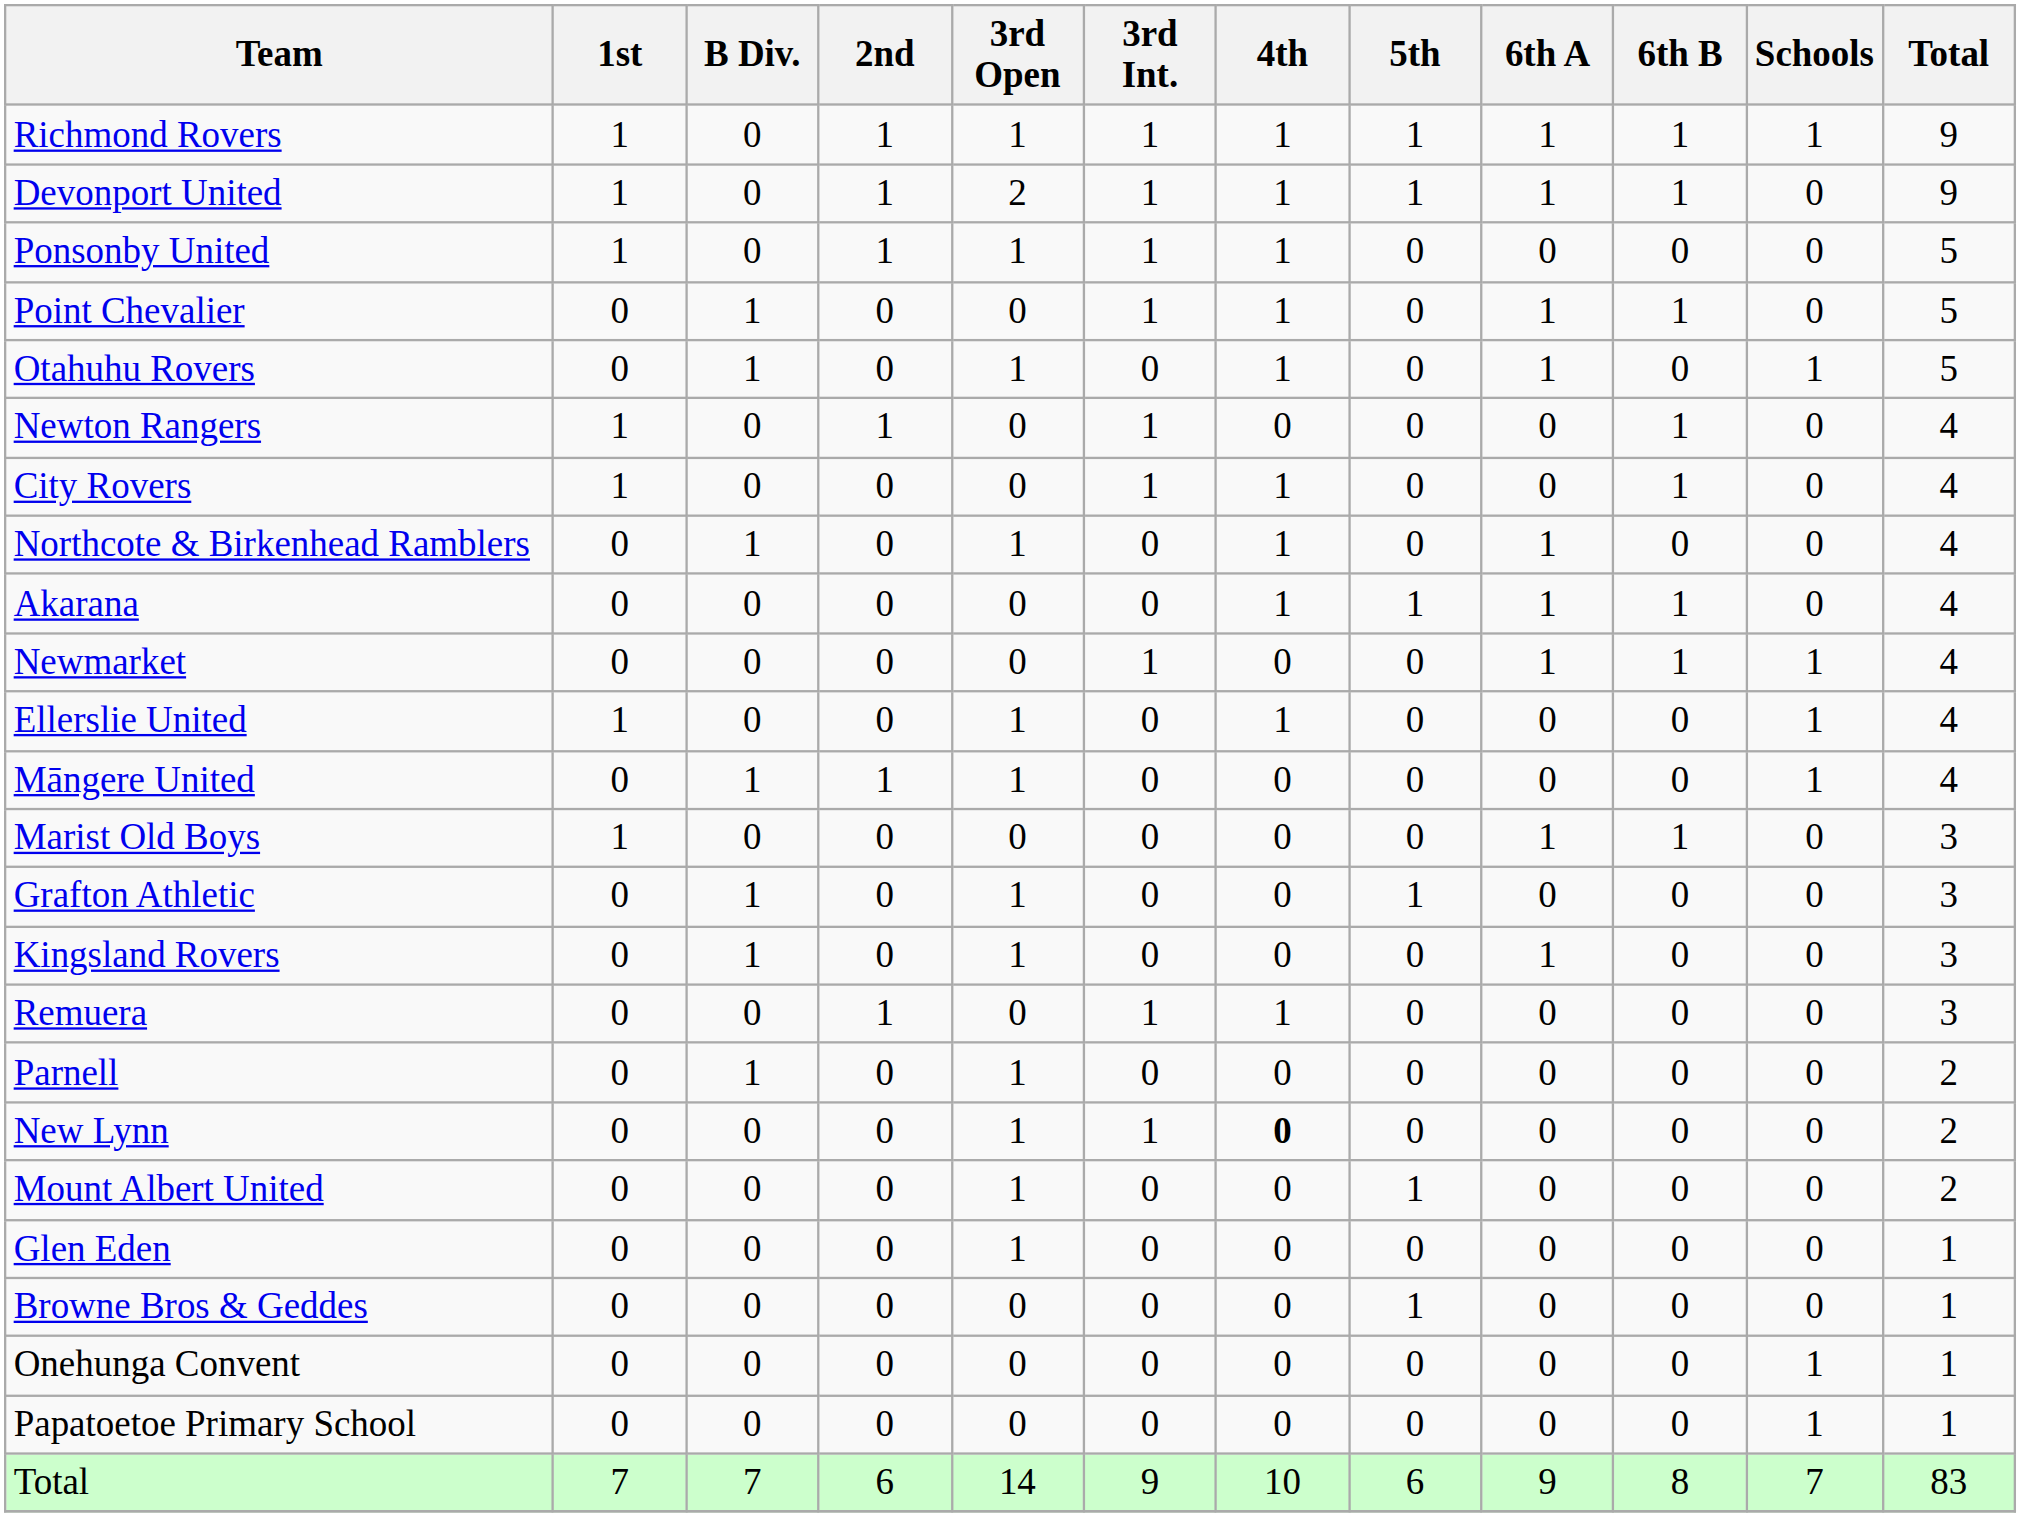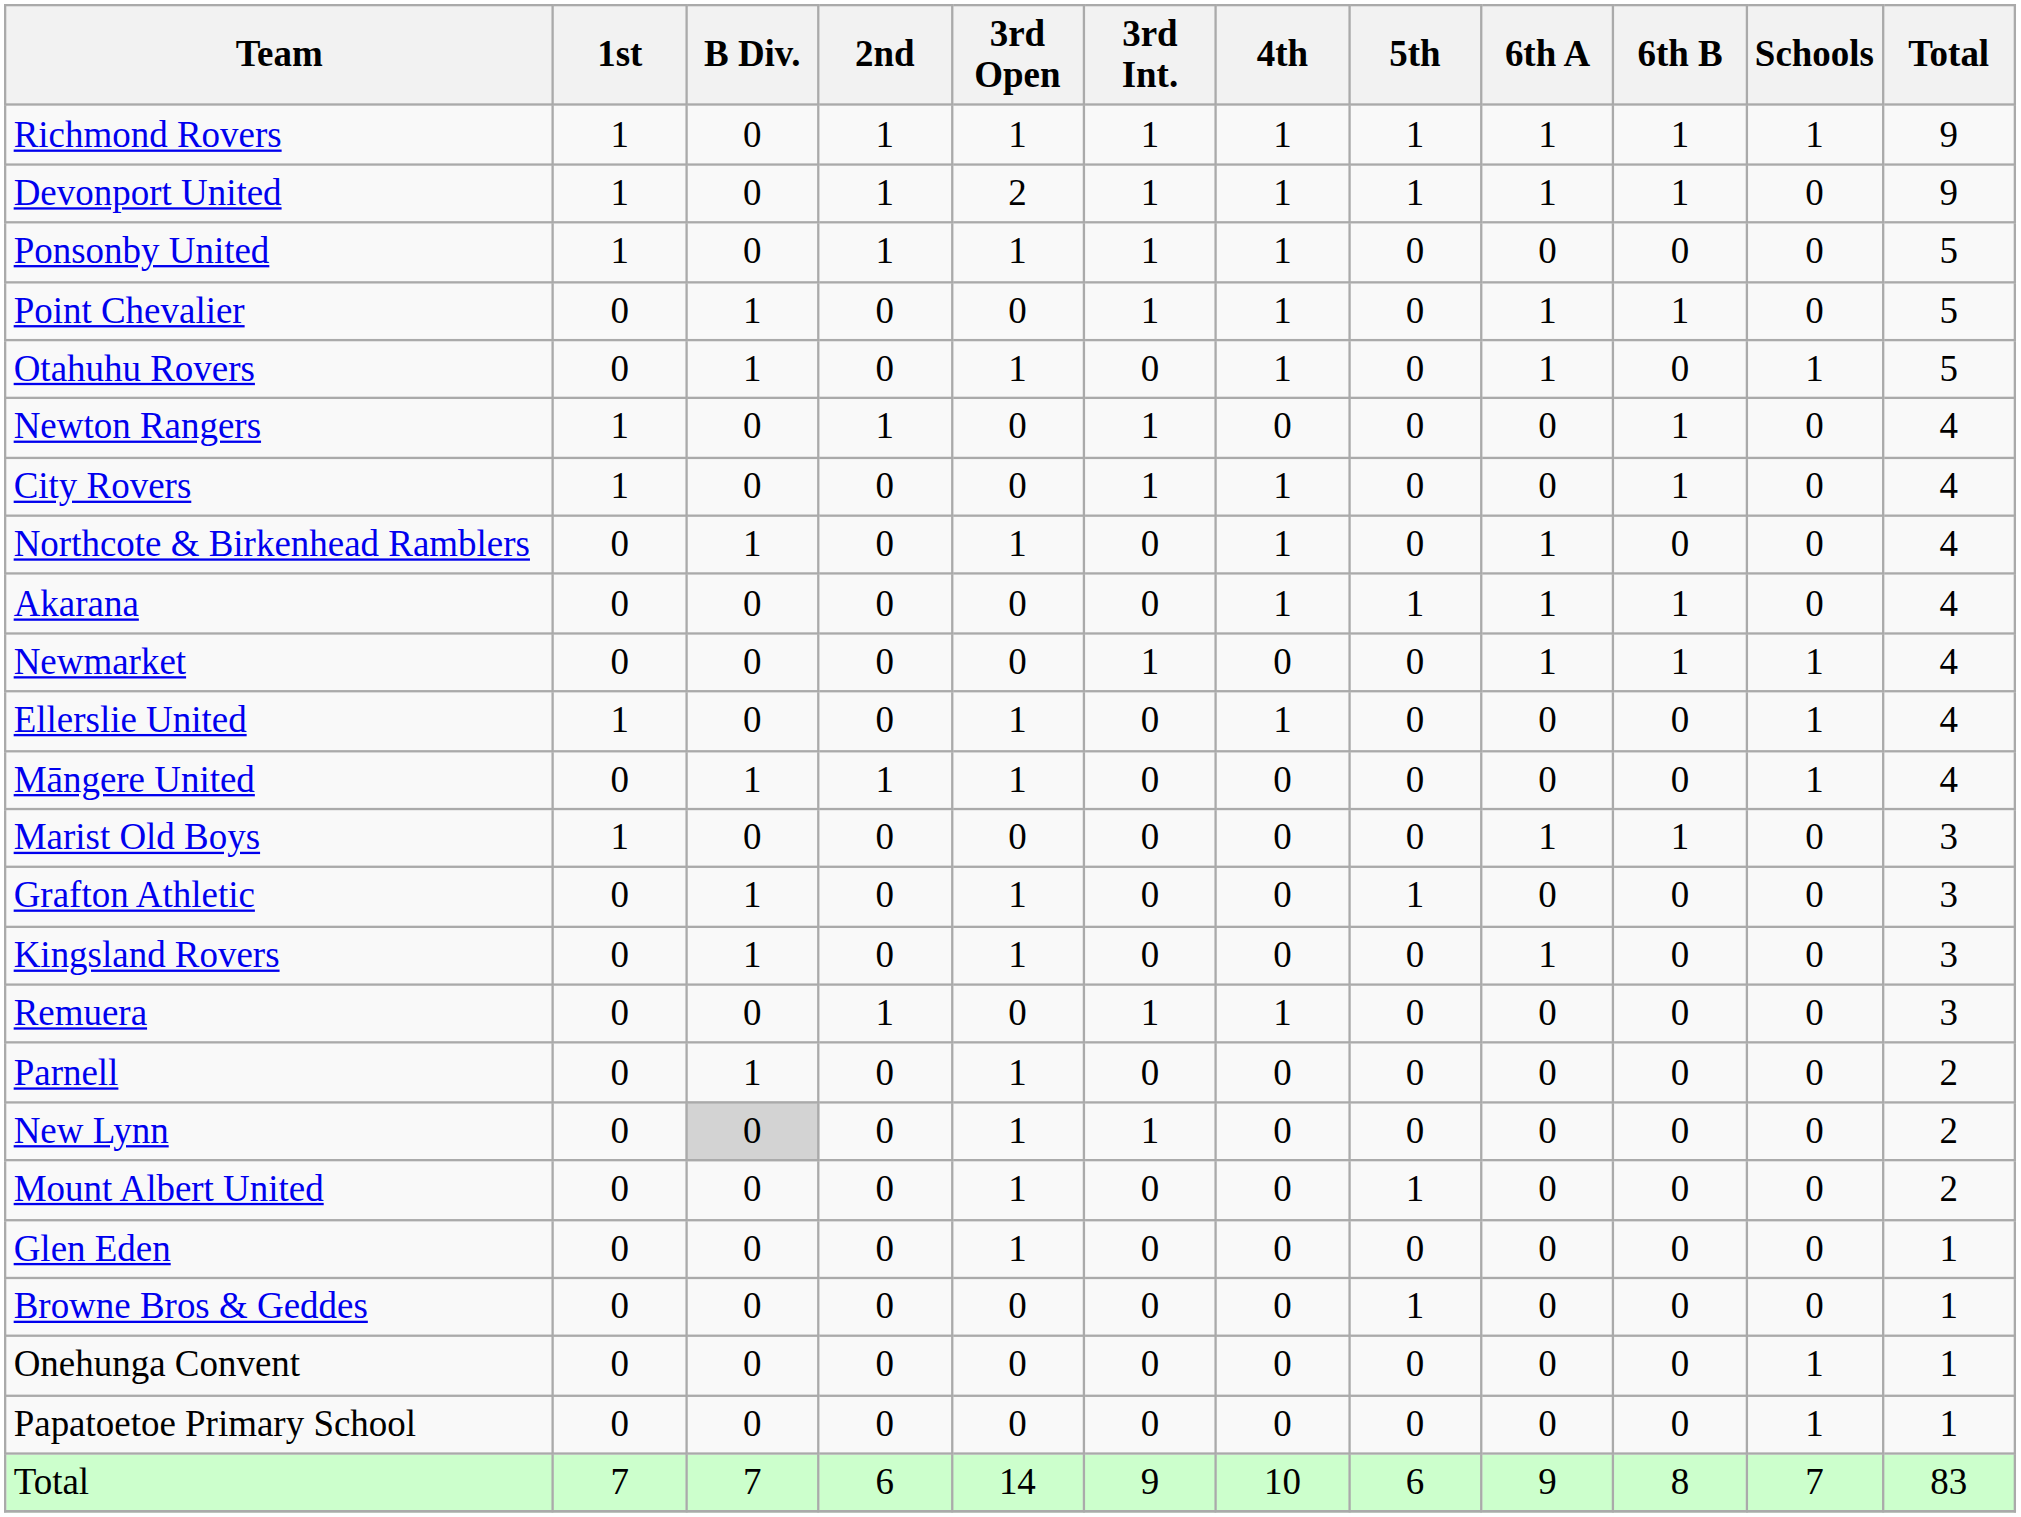 <table class="wikitable" style="text-align:center;">
 <tr>
 <th width=230>Team</th>
 <th width=50 abbr="1st Grade">1st</th>
 <th width=50 abbr="B Grade">B Div.</th>
 <th width=50 abbr="2nd Grade">2nd</th>
 <th width=50 abbr="3rd Grade">3rd Open</th>
 <th width=50 abbr="3rd Grade">3rd Int.</th>
 <th width=50 abbr="4th Grade">4th</th>
 <th width=50 abbr="5th Grade">5th</th>
 <th width=50 abbr="6th Grade">6th A</th>
 <th width=50 abbr="6th Grade">6th B</th>
 <th width=50 abbr="Schoolboys">Schools</th>
 <th width=50 abbr="Total">Total</th>
 </tr>
 <tr>
 <td style="text-align:left;"><a href='#'>Richmond Rovers</a></td>
 <td>1</td>
 <td>0</td>
 <td>1</td>
 <td>1</td>
 <td>1</td>
 <td>1</td>
 <td>1</td>
 <td>1</td>
 <td>1</td>
 <td>1</td>
 <td>9</td>
 </tr>
 <tr>
 <td style="text-align:left;"><a href='#'>Devonport United</a></td>
 <td>1</td>
 <td>0</td>
 <td>1</td>
 <td>2</td>
 <td>1</td>
 <td>1</td>
 <td>1</td>
 <td>1</td>
 <td>1</td>
 <td>0</td>
 <td>9</td>
 </tr>
 <tr>
 <td style="text-align:left;"><a href='#'>Ponsonby United</a></td>
 <td>1</td>
 <td>0</td>
 <td>1</td>
 <td>1</td>
 <td>1</td>
 <td>1</td>
 <td>0</td>
 <td>0</td>
 <td>0</td>
 <td>0</td>
 <td>5</td>
 </tr>
 <tr>
 <td style="text-align:left;"><a href='#'>Point Chevalier</a></td>
 <td>0</td>
 <td>1</td>
 <td>0</td>
 <td>0</td>
 <td>1</td>
 <td>1</td>
 <td>0</td>
 <td>1</td>
 <td>1</td>
 <td>0</td>
 <td>5</td>
 </tr>
 <tr>
 <td style="text-align:left;"><a href='#'>Otahuhu Rovers</a></td>
 <td>0</td>
 <td>1</td>
 <td>0</td>
 <td>1</td>
 <td>0</td>
 <td>1</td>
 <td>0</td>
 <td>1</td>
 <td>0</td>
 <td>1</td>
 <td>5</td>
 </tr>
 <tr>
 <td style="text-align:left;"><a href='#'>Newton Rangers</a></td>
 <td>1</td>
 <td>0</td>
 <td>1</td>
 <td>0</td>
 <td>1</td>
 <td>0</td>
 <td>0</td>
 <td>0</td>
 <td>1</td>
 <td>0</td>
 <td>4</td>
 </tr>
 <tr>
 <td style="text-align:left;"><a href='#'>City Rovers</a></td>
 <td>1</td>
 <td>0</td>
 <td>0</td>
 <td>0</td>
 <td>1</td>
 <td>1</td>
 <td>0</td>
 <td>0</td>
 <td>1</td>
 <td>0</td>
 <td>4</td>
 </tr>
 <tr>
 <td style="text-align:left;"><a href='#'>Northcote & Birkenhead Ramblers</a></td>
 <td>0</td>
 <td>1</td>
 <td>0</td>
 <td>1</td>
 <td>0</td>
 <td>1</td>
 <td>0</td>
 <td>1</td>
 <td>0</td>
 <td>0</td>
 <td>4</td>
 </tr>
 <tr>
 <td style="text-align:left;"><a href='#'>Akarana</a></td>
 <td>0</td>
 <td>0</td>
 <td>0</td>
 <td>0</td>
 <td>0</td>
 <td>1</td>
 <td>1</td>
 <td>1</td>
 <td>1</td>
 <td>0</td>
 <td>4</td>
 </tr>
 <tr>
 <td style="text-align:left;"><a href='#'>Newmarket</a></td>
 <td>0</td>
 <td>0</td>
 <td>0</td>
 <td>0</td>
 <td>1</td>
 <td>0</td>
 <td>0</td>
 <td>1</td>
 <td>1</td>
 <td>1</td>
 <td>4</td>
 </tr>
 <tr>
 <td style="text-align:left;"><a href='#'>Ellerslie United</a></td>
 <td>1</td>
 <td>0</td>
 <td>0</td>
 <td>1</td>
 <td>0</td>
 <td>1</td>
 <td>0</td>
 <td>0</td>
 <td>0</td>
 <td>1</td>
 <td>4</td>
 </tr>
 <tr>
 <td style="text-align:left;"><a href='#'>Māngere United</a></td>
 <td>0</td>
 <td>1</td>
 <td>1</td>
 <td>1</td>
 <td>0</td>
 <td>0</td>
 <td>0</td>
 <td>0</td>
 <td>0</td>
 <td>1</td>
 <td>4</td>
 </tr>
 <tr>
 <td style="text-align:left;"><a href='#'>Marist Old Boys</a></td>
 <td>1</td>
 <td>0</td>
 <td>0</td>
 <td>0</td>
 <td>0</td>
 <td>0</td>
 <td>0</td>
 <td>1</td>
 <td>1</td>
 <td>0</td>
 <td>3</td>
 </tr>
 <tr>
 <td style="text-align:left;"><a href='#'>Grafton Athletic</a></td>
 <td>0</td>
 <td>1</td>
 <td>0</td>
 <td>1</td>
 <td>0</td>
 <td>0</td>
 <td>1</td>
 <td>0</td>
 <td>0</td>
 <td>0</td>
 <td>3</td>
 </tr>
 <tr>
 <td style="text-align:left;"><a href='#'>Kingsland Rovers</a></td>
 <td>0</td>
 <td>1</td>
 <td>0</td>
 <td>1</td>
 <td>0</td>
 <td>0</td>
 <td>0</td>
 <td>1</td>
 <td>0</td>
 <td>0</td>
 <td>3</td>
 </tr>
 <tr>
 <td style="text-align:left;"><a href='#'>Remuera</a></td>
 <td>0</td>
 <td>0</td>
 <td>1</td>
 <td>0</td>
 <td>1</td>
 <td>1</td>
 <td>0</td>
 <td>0</td>
 <td>0</td>
 <td>0</td>
 <td>3</td>
 </tr>
 <tr>
 <td style="text-align:left;"><a href='#'>Parnell</a></td>
 <td>0</td>
 <td>1</td>
 <td>0</td>
 <td>1</td>
 <td>0</td>
 <td>0</td>
 <td>0</td>
 <td>0</td>
 <td>0</td>
 <td>0</td>
 <td>2</td>
 </tr>
 <tr>
 <td style="text-align:left;"><a href='#'>New Lynn</a></td>
 <td>0</td>
-<td>0</td>
+<td style="background: lightgrey;">0</td>
 <td>0</td>
 <td>1</td>
 <td>1</td>
-<td><strong>0</strong></td>
+<td>0</td>
 <td>0</td>
 <td>0</td>
 <td>0</td>
 <td>0</td>
 <td>2</td>
 </tr>
 <tr>
 <td style="text-align:left;"><a href='#'>Mount Albert United</a></td>
 <td>0</td>
 <td>0</td>
 <td>0</td>
 <td>1</td>
 <td>0</td>
 <td>0</td>
 <td>1</td>
 <td>0</td>
 <td>0</td>
 <td>0</td>
 <td>2</td>
 </tr>
 <tr>
 <td style="text-align:left;"><a href='#'>Glen Eden</a></td>
 <td>0</td>
 <td>0</td>
 <td>0</td>
 <td>1</td>
 <td>0</td>
 <td>0</td>
 <td>0</td>
 <td>0</td>
 <td>0</td>
 <td>0</td>
 <td>1</td>
 </tr>
 <tr>
 <td style="text-align:left;"><a href='#'>Browne Bros & Geddes</a></td>
 <td>0</td>
 <td>0</td>
 <td>0</td>
 <td>0</td>
 <td>0</td>
 <td>0</td>
 <td>1</td>
 <td>0</td>
 <td>0</td>
 <td>0</td>
 <td>1</td>
 </tr>
 <tr>
 <td style="text-align:left;">Onehunga Convent</td>
 <td>0</td>
 <td>0</td>
 <td>0</td>
 <td>0</td>
 <td>0</td>
 <td>0</td>
 <td>0</td>
 <td>0</td>
 <td>0</td>
 <td>1</td>
 <td>1</td>
 </tr>
 <tr>
 <td style="text-align:left;">Papatoetoe Primary School</td>
 <td>0</td>
 <td>0</td>
 <td>0</td>
 <td>0</td>
 <td>0</td>
 <td>0</td>
 <td>0</td>
 <td>0</td>
 <td>0</td>
 <td>1</td>
 <td>1</td>
 </tr>
 <tr style="background: #ccffcc;">
 <td style="text-align:left;">Total</td>
 <td>7</td>
 <td>7</td>
 <td>6</td>
 <td>14</td>
 <td>9</td>
 <td>10</td>
 <td>6</td>
 <td>9</td>
 <td>8</td>
 <td>7</td>
 <td>83</td>
 </tr>
 <tr>
 </tr>
 </table>
